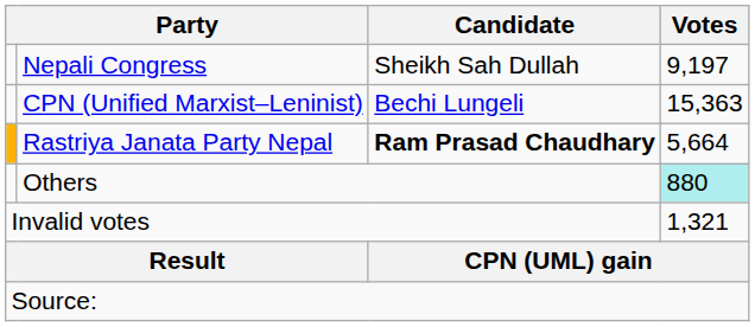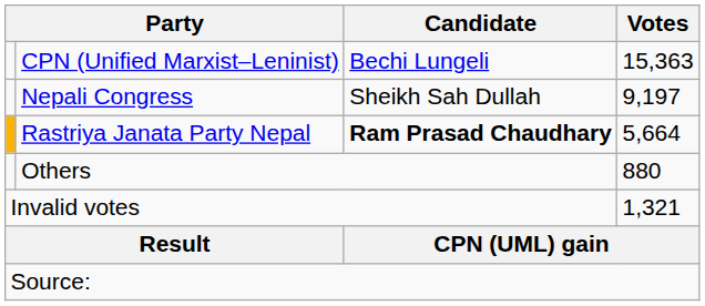 <table class="wikitable">
 <tr>
 <th colspan="2">Party</th>
 <th>Candidate</th>
 <th>Votes</th>
 </tr>
 <tr>
 <td style="background-color:"></td>
+<td><a href='#'>CPN (Unified Marxist–Leninist)</a></td>
+<td><a href='#'>Bechi Lungeli</a></td>
+<td>15,363</td>
+</tr>
+<tr>
+<td style="background-color:"></td>
 <td><a href='#'>Nepali Congress</a></td>
 <td>Sheikh Sah Dullah</td>
 <td>9,197</td>
-</tr>
-<tr>
-<td style="background-color:"></td>
-<td><a href='#'>CPN (Unified Marxist–Leninist)</a></td>
-<td><a href='#'>Bechi Lungeli</a></td>
-<td>15,363</td>
 </tr>
 <tr>
 <td style="background-color:#ffb300"></td>
 <td><a href='#'>Rastriya Janata Party Nepal</a></td>
 <td><strong>Ram Prasad Chaudhary</strong></td>
 <td>5,664</td>
 </tr>
 <tr>
 <td></td>
 <td colspan="2">Others</td>
-<td style="background: paleturquoise;">880</td>
+<td>880</td>
 </tr>
 <tr>
 <td colspan="3">Invalid votes</td>
 <td>1,321</td>
 </tr>
 <tr>
 <th colspan="2">Result</th>
 <th colspan="2">CPN (UML) gain</th>
 </tr>
 <tr>
 <td colspan="4">Source: </td>
 </tr>
 </table>
